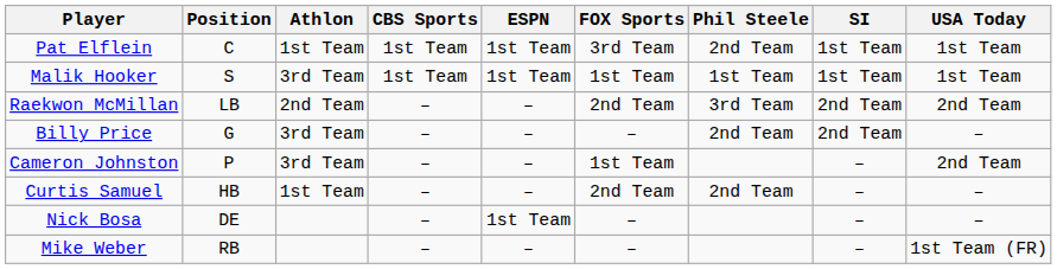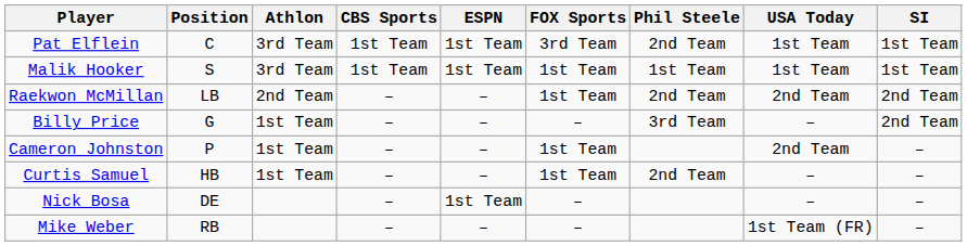 <table class="wikitable sortable sortable" style="text-align: center">
 <tr align="center">
 <th>Player</th>
 <th>Position</th>
 <th>Athlon</th>
 <th>CBS Sports</th>
 <th>ESPN</th>
 <th>FOX Sports</th>
 <th>Phil Steele</th>
+<th>USA Today</th>
 <th>SI</th>
-<th>USA Today</th>
 </tr>
 <tr>
 <td><a href='#'>Pat Elflein</a></td>
 <td>C</td>
-<td>1st Team</td>
+<td>3rd Team</td>
 <td>1st Team</td>
 <td>1st Team</td>
 <td>3rd Team</td>
 <td>2nd Team</td>
 <td>1st Team</td>
 <td>1st Team</td>
 </tr>
 <tr>
 <td><a href='#'>Malik Hooker</a></td>
 <td>S</td>
 <td>3rd Team</td>
 <td>1st Team</td>
 <td>1st Team</td>
 <td>1st Team</td>
 <td>1st Team</td>
 <td>1st Team</td>
 <td>1st Team</td>
 </tr>
 <tr>
 <td><a href='#'>Raekwon McMillan</a></td>
 <td>LB</td>
 <td>2nd Team</td>
 <td>–</td>
 <td>–</td>
+<td>1st Team</td>
 <td>2nd Team</td>
-<td>3rd Team</td>
 <td>2nd Team</td>
 <td>2nd Team</td>
 </tr>
 <tr>
 <td><a href='#'>Billy Price</a></td>
 <td>G</td>
-<td>3rd Team</td>
+<td>1st Team</td>
 <td>–</td>
 <td>–</td>
 <td>–</td>
+<td>3rd Team</td>
+<td>–</td>
 <td>2nd Team</td>
-<td>2nd Team</td>
-<td>–</td>
 </tr>
 <tr>
 <td><a href='#'>Cameron Johnston</a></td>
 <td>P</td>
-<td>3rd Team</td>
+<td>1st Team</td>
 <td>–</td>
 <td>–</td>
 <td>1st Team</td>
 <td></td>
+<td>2nd Team</td>
 <td>–</td>
-<td>2nd Team</td>
 </tr>
 <tr>
 <td><a href='#'>Curtis Samuel</a></td>
 <td>HB</td>
 <td>1st Team</td>
 <td>–</td>
 <td>–</td>
-<td>2nd Team</td>
+<td>1st Team</td>
 <td>2nd Team</td>
 <td>–</td>
 <td>–</td>
 </tr>
 <tr>
 <td><a href='#'>Nick Bosa</a></td>
 <td>DE</td>
 <td></td>
 <td>–</td>
 <td>1st Team</td>
 <td>–</td>
 <td></td>
 <td>–</td>
 <td>–</td>
 </tr>
 <tr>
 <td><a href='#'>Mike Weber</a></td>
 <td>RB</td>
 <td></td>
 <td>–</td>
 <td>–</td>
 <td>–</td>
 <td></td>
+<td>1st Team (FR)</td>
 <td>–</td>
-<td>1st Team (FR)</td>
 </tr>
 </table>
